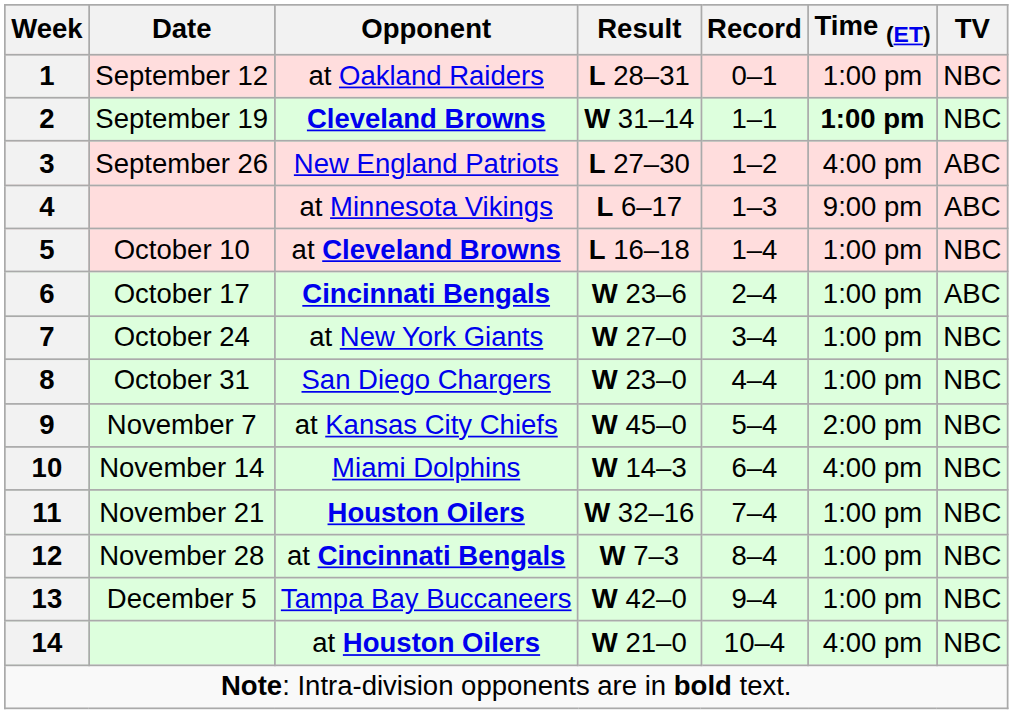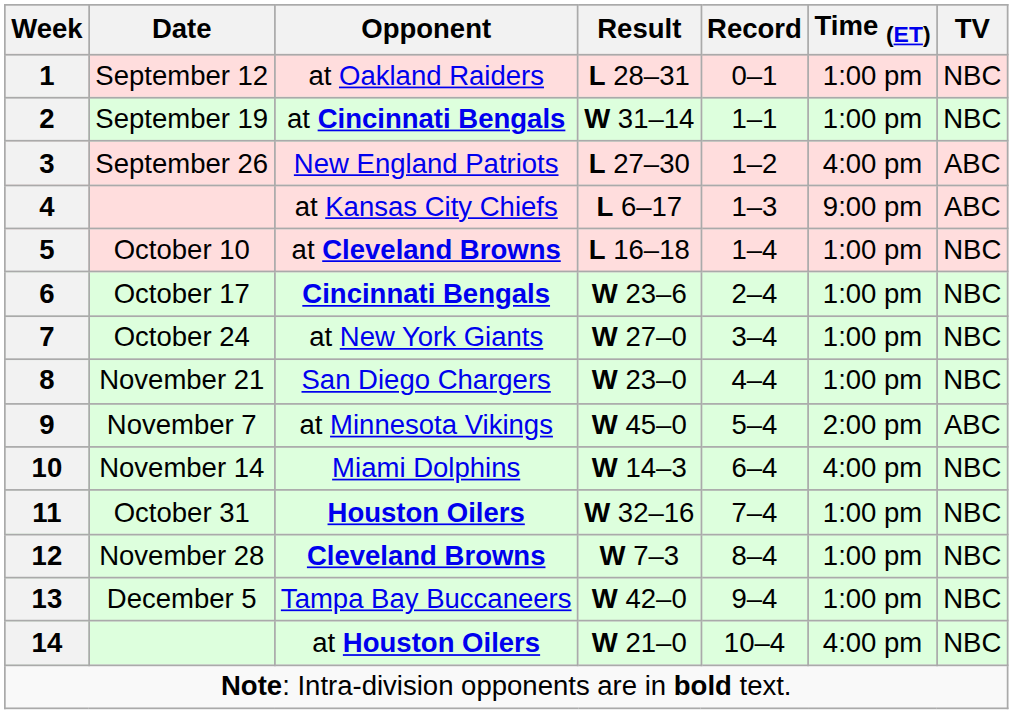 <table class="wikitable" style="text-align: center">
 <tr>
 <th>Week</th>
 <th>Date</th>
 <th>Opponent</th>
 <th>Result</th>
 <th>Record</th>
 <th>Time <sub>(<a href='#'>ET</a>)</sub></th>
 <th>TV</th>
 </tr>
 <tr style="background: #ffdddd;">
 <th>1</th>
 <td>September 12</td>
 <td>at <a href='#'>Oakland Raiders</a></td>
 <td><strong>L</strong> 28–31</td>
 <td>0–1</td>
 <td>1:00 pm</td>
 <td>NBC</td>
 </tr>
 <tr style="background: #ddffdd;">
 <th>2</th>
 <td>September 19</td>
-<td><strong><a href='#'>Cleveland Browns</a></strong></td>
+<td>at <strong><a href='#'>Cincinnati Bengals</a></strong></td>
 <td><strong>W</strong> 31–14</td>
 <td>1–1</td>
-<td><strong>1:00 pm</strong></td>
+<td>1:00 pm</td>
 <td>NBC</td>
 </tr>
 <tr style="background: #ffdddd;">
 <th>3</th>
 <td>September 26</td>
 <td><a href='#'>New England Patriots</a></td>
 <td><strong>L</strong> 27–30</td>
 <td>1–2</td>
 <td>4:00 pm</td>
 <td>ABC</td>
 </tr>
 <tr style="background: #ffdddd;">
 <th>4</th>
 <td></td>
-<td>at <a href='#'>Minnesota Vikings</a></td>
+<td>at <a href='#'>Kansas City Chiefs</a></td>
 <td><strong>L</strong> 6–17</td>
 <td>1–3</td>
 <td>9:00 pm</td>
 <td>ABC</td>
 </tr>
 <tr style="background: #ffdddd;">
 <th>5</th>
 <td>October 10</td>
 <td>at <strong><a href='#'>Cleveland Browns</a></strong></td>
 <td><strong>L</strong> 16–18</td>
 <td>1–4</td>
 <td>1:00 pm</td>
 <td>NBC</td>
 </tr>
 <tr style="background: #ddffdd;">
 <th>6</th>
 <td>October 17</td>
 <td><strong><a href='#'>Cincinnati Bengals</a></strong></td>
 <td><strong>W</strong> 23–6</td>
 <td>2–4</td>
 <td>1:00 pm</td>
-<td>ABC</td>
+<td>NBC</td>
 </tr>
 <tr style="background: #ddffdd;">
 <th>7</th>
 <td>October 24</td>
 <td>at <a href='#'>New York Giants</a></td>
 <td><strong>W</strong> 27–0</td>
 <td>3–4</td>
 <td>1:00 pm</td>
 <td>NBC</td>
 </tr>
 <tr style="background: #ddffdd;">
 <th>8</th>
-<td>October 31</td>
+<td>November 21</td>
 <td><a href='#'>San Diego Chargers</a></td>
 <td><strong>W</strong> 23–0</td>
 <td>4–4</td>
 <td>1:00 pm</td>
 <td>NBC</td>
 </tr>
 <tr style="background: #ddffdd;">
 <th>9</th>
 <td>November 7</td>
-<td>at <a href='#'>Kansas City Chiefs</a></td>
+<td>at <a href='#'>Minnesota Vikings</a></td>
 <td><strong>W</strong> 45–0</td>
 <td>5–4</td>
 <td>2:00 pm</td>
-<td>NBC</td>
+<td>ABC</td>
 </tr>
 <tr style="background: #ddffdd;">
 <th>10</th>
 <td>November 14</td>
 <td><a href='#'>Miami Dolphins</a></td>
 <td><strong>W</strong> 14–3</td>
 <td>6–4</td>
 <td>4:00 pm</td>
 <td>NBC</td>
 </tr>
 <tr style="background: #ddffdd;">
 <th>11</th>
-<td>November 21</td>
+<td>October 31</td>
 <td><strong><a href='#'>Houston Oilers</a></strong></td>
 <td><strong>W</strong> 32–16</td>
 <td>7–4</td>
 <td>1:00 pm</td>
 <td>NBC</td>
 </tr>
 <tr style="background: #ddffdd;">
 <th>12</th>
 <td>November 28</td>
-<td>at <strong><a href='#'>Cincinnati Bengals</a></strong></td>
+<td><strong><a href='#'>Cleveland Browns</a></strong></td>
 <td><strong>W</strong> 7–3</td>
 <td>8–4</td>
 <td>1:00 pm</td>
 <td>NBC</td>
 </tr>
 <tr style="background: #ddffdd;">
 <th>13</th>
 <td>December 5</td>
 <td><a href='#'>Tampa Bay Buccaneers</a></td>
 <td><strong>W</strong> 42–0</td>
 <td>9–4</td>
 <td>1:00 pm</td>
 <td>NBC</td>
 </tr>
 <tr style="background: #ddffdd;">
 <th>14</th>
 <td></td>
 <td>at <strong><a href='#'>Houston Oilers</a></strong></td>
 <td><strong>W</strong> 21–0</td>
 <td>10–4</td>
 <td>4:00 pm</td>
 <td>NBC</td>
 </tr>
 <tr>
 <td colspan="7"><strong>Note</strong>: Intra-division opponents are in <strong>bold</strong> text.</td>
 </tr>
 </table>
